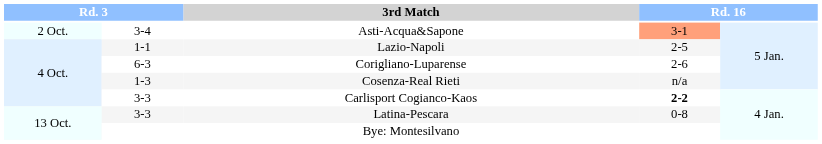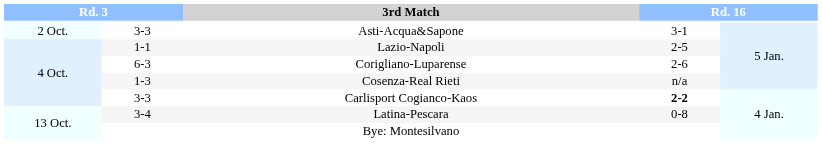 <table border=0 cellspacing=0 cellpadding=1 style="font-size: 85%; text-align: center;" width=99%>
 <tr>
 <td colspan=2 style="background:#90C0FF;color:white;"><strong>Rd. 3</strong></td>
 <td style="background:#D3D3D3"><strong>3rd Match</strong></td>
 <td colspan=2 style="background:#90C0FF;color:white;"><strong>Rd. 16 </strong></td>
 </tr>
 <tr align=center>
 <th width=12%></th>
 <th width=10%></th>
 <th width=56%></th>
 <th width=10%></th>
 <th width=12%></th>
 </tr>
 <tr>
 <td style="background:#F0FFFF" rowspan=1>2 Oct.</td>
-<td>3-4</td>
+<td>3-3</td>
 <td>Asti-Acqua&Sapone</td>
-<td style="background: lightsalmon;">3-1</td>
+<td>3-1</td>
 <td rowspan=4 style="background:#E0F0FF">5 Jan.</td>
 </tr>
 <tr style="background:#F5F5F5">
 <td style="background:#E0F0FF" rowspan=4>4 Oct.</td>
 <td>1-1</td>
 <td>Lazio-Napoli</td>
 <td>2-5</td>
 </tr>
 <tr style="background:#FFFFFF">
 <td>6-3</td>
 <td>Corigliano-Luparense</td>
 <td>2-6</td>
 </tr>
 <tr style="background:#F5F5F5">
 <td>1-3</td>
 <td>Cosenza-Real Rieti</td>
 <td>n/a</td>
 </tr>
 <tr style="background:#FFFFFF">
 <td>3-3</td>
 <td>Carlisport Cogianco-Kaos</td>
 <td><strong>2-2</strong></td>
 <td rowspan=3 style="background:#F0FFFF">4 Jan.</td>
 </tr>
 <tr style="background:#F5F5F5">
 <td style="background:#F0FFFF" rowspan=2>13 Oct.</td>
-<td>3-3</td>
+<td>3-4</td>
 <td>Latina-Pescara</td>
 <td>0-8</td>
 </tr>
 <tr style="background:#FFFFFF">
 <td></td>
 <td>Bye: Montesilvano</td>
 <td></td>
 </tr>
 </table>
